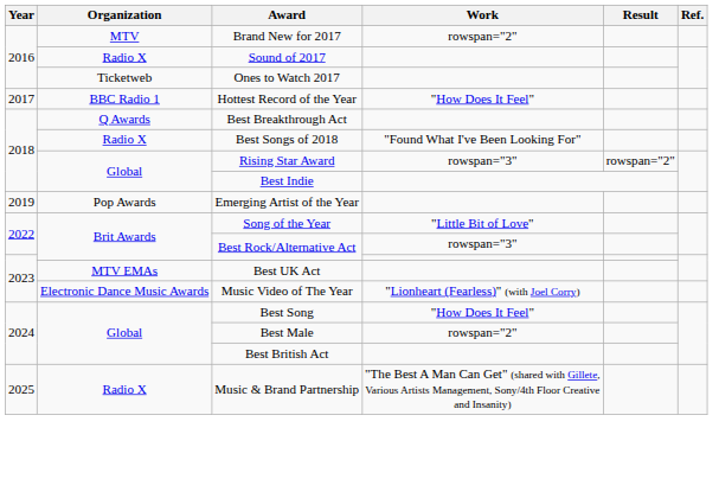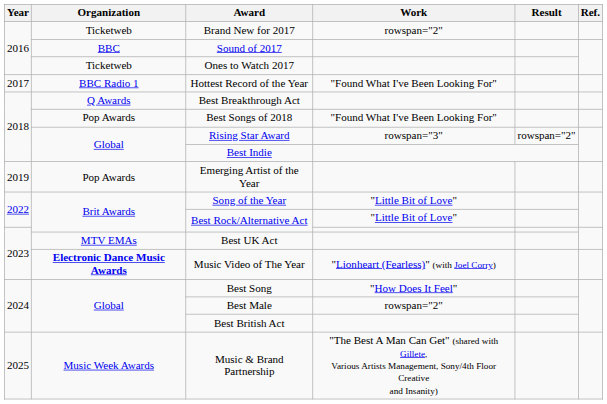 <table class="wikitable plainrowheaders" style="text-align:center;">
 <tr>
 <th>Year</th>
 <th>Organization</th>
 <th>Award</th>
 <th>Work</th>
 <th>Result</th>
 <th>Ref.</th>
 </tr>
 <tr>
 <td rowspan="3">2016</td>
-<td><a href='#'>MTV</a></td>
+<td>Ticketweb</td>
 <td>Brand New for 2017</td>
 <td>rowspan="2" </td>
 <td></td>
 <td><br></td>
 </tr>
 <tr>
-<td><a href='#'>Radio X</a></td>
+<td><a href='#'>BBC</a></td>
 <td><a href='#'>Sound of 2017</a></td>
 <td></td>
 <td></td>
 </tr>
 <tr>
 <td>Ticketweb</td>
 <td>Ones to Watch 2017</td>
 <td></td>
 <td></td>
 </tr>
 <tr>
 <td>2017</td>
 <td><a href='#'>BBC Radio 1</a></td>
 <td>Hottest Record of the Year</td>
-<td>"<a href='#'>How Does It Feel</a>"</td>
+<td>"Found What I've Been Looking For"</td>
 <td></td>
 <td></td>
 </tr>
 <tr>
 <td rowspan="4">2018</td>
 <td><a href='#'>Q Awards</a></td>
 <td>Best Breakthrough Act</td>
 <td></td>
 <td></td>
 <td></td>
 </tr>
 <tr>
-<td><a href='#'>Radio X</a></td>
+<td>Pop Awards</td>
 <td>Best Songs of 2018</td>
 <td>"Found What I've Been Looking For"</td>
 <td></td>
 <td></td>
 </tr>
 <tr>
 <td rowspan="2"><a href='#'>Global</a></td>
 <td><a href='#'>Rising Star Award</a></td>
 <td>rowspan="3" </td>
 <td>rowspan="2" </td>
 <td rowspan=2></td>
 </tr>
 <tr>
 <td><a href='#'>Best Indie</a></td>
 </tr>
 <tr>
 <td>2019</td>
 <td>Pop Awards</td>
 <td>Emerging Artist of the Year</td>
 <td></td>
 <td></td>
 </tr>
 <tr>
 <td rowspan="2"><a href='#'>2022</a></td>
 <td rowspan="3"><a href='#'>Brit Awards</a></td>
 <td><a href='#'>Song of the Year</a></td>
 <td>"<a href='#'>Little Bit of Love</a>"</td>
 <td></td>
 <td rowspan="2"></td>
 </tr>
 <tr>
 <td rowspan=2><a href='#'>Best Rock/Alternative Act</a></td>
-<td>rowspan="3" </td>
+<td>"<a href='#'>Little Bit of Love</a>"</td>
 <td></td>
 </tr>
 <tr>
 <td rowspan="3">2023</td>
 <td></td>
 <td></td>
 </tr>
 <tr>
 <td><a href='#'>MTV EMAs</a></td>
 <td>Best UK Act</td>
 <td></td>
 <td></td>
 </tr>
 <tr>
-<td><a href='#'>Electronic Dance Music Awards</a></td>
+<td><strong><a href='#'>Electronic Dance Music Awards</a></strong></td>
 <td>Music Video of The Year</td>
 <td>"<a href='#'>Lionheart (Fearless)</a>" <small>(with <a href='#'>Joel Corry</a>)</small></td>
 <td></td>
 <td></td>
 </tr>
 <tr>
 <td rowspan="3">2024</td>
 <td rowspan="3"><a href='#'>Global</a></td>
 <td>Best Song</td>
 <td>"<a href='#'>How Does It Feel</a>"</td>
 <td></td>
 <td rowspan="3"></td>
 </tr>
 <tr>
 <td>Best Male</td>
 <td>rowspan="2" </td>
 <td></td>
 </tr>
 <tr>
 <td>Best British Act</td>
 <td></td>
 </tr>
 <tr>
 <td>2025</td>
-<td><a href='#'>Radio X</a></td>
+<td><a href='#'>Music Week Awards</a></td>
 <td>Music & Brand Partnership</td>
 <td>"The Best A Man Can Get" <small>(shared with <a href='#'>Gillete</a>, <br>Various Artists Management, Sony/4th Floor Creative<br>and Insanity)</small></td>
 <td></td>
 <td></td>
 </tr>
 </table>
